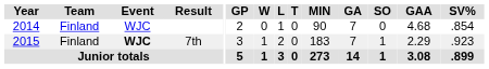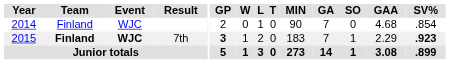 <table border="0" cellpadding="1" cellspacing="0" ID="Table3" style="text-align:center; width:40em">
 <tr ALIGN="center" bgcolor="#e0e0e0">
 <th>Year</th>
 <th>Team</th>
 <th>Event</th>
 <th>Result</th>
 <th rowspan="99" bgcolor="#ffffff"></th>
 <th>GP</th>
 <th>W</th>
 <th>L</th>
 <th>T</th>
 <th>MIN</th>
 <th>GA</th>
 <th>SO</th>
 <th>GAA</th>
 <th>SV%</th>
 </tr>
 <tr ALIGN="center">
 <td><a href='#'>2014</a></td>
 <td><a href='#'>Finland</a></td>
 <td><a href='#'>WJC</a></td>
 <td></td>
 <td>2</td>
 <td>0</td>
 <td>1</td>
 <td>0</td>
 <td>90</td>
 <td>7</td>
 <td>0</td>
 <td>4.68</td>
 <td>.854</td>
 </tr>
 <tr ALIGN="center"  bgcolor="#f0f0f0">
 <td><a href='#'>2015</a></td>
-<td>Finland</td>
+<td><strong>Finland</strong></td>
 <td><strong>WJC</strong></td>
 <td>7th</td>
-<td>3</td>
+<td><strong>3</strong></td>
 <td>1</td>
 <td>2</td>
 <td>0</td>
 <td>183</td>
 <td>7</td>
 <td>1</td>
 <td>2.29</td>
-<td>.923</td>
+<td><strong>.923</strong></td>
 </tr>
 <tr ALIGN="center" bgcolor="#e0e0e0">
 <th colspan=4>Junior totals</th>
 <th>5</th>
 <th>1</th>
 <th>3</th>
 <th>0</th>
 <th>273</th>
 <th>14</th>
 <th>1</th>
 <th>3.08</th>
 <th>.899</th>
 </tr>
 </table>
